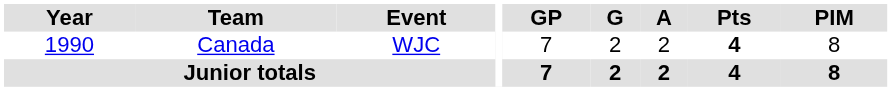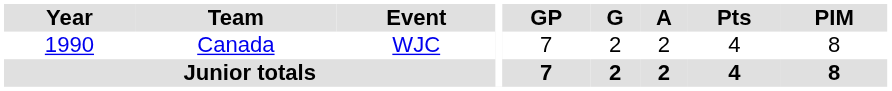 <table border="0" cellpadding="1" cellspacing="0" ID="Table3" style="text-align:center; width:40em">
 <tr bgcolor="#e0e0e0">
 <th>Year</th>
 <th>Team</th>
 <th>Event</th>
 <th rowspan="102" bgcolor="#ffffff"></th>
 <th>GP</th>
 <th>G</th>
 <th>A</th>
 <th>Pts</th>
 <th>PIM</th>
 </tr>
 <tr>
 <td><a href='#'>1990</a></td>
 <td><a href='#'>Canada</a></td>
 <td><a href='#'>WJC</a></td>
 <td>7</td>
 <td>2</td>
 <td>2</td>
-<td><strong>4</strong></td>
+<td>4</td>
 <td>8</td>
 </tr>
 <tr bgcolor="#e0e0e0">
 <th colspan="3">Junior totals</th>
 <th>7</th>
 <th>2</th>
 <th>2</th>
 <th>4</th>
 <th>8</th>
 </tr>
 </table>
